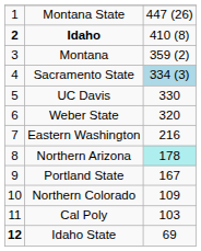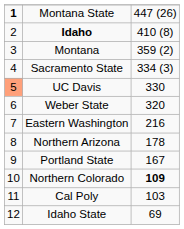 <table class="wikitable" style="display: inline-table;">
 <tr align="center">
 </tr>
 <tr align="center">
-<td>1</td>
+<td><strong>1</strong></td>
 <td>Montana State</td>
 <td>447 (26)</td>
 </tr>
 <tr align="center">
-<td><strong>2</strong></td>
+<td>2</td>
 <td><strong>Idaho</strong></td>
 <td>410 (8)</td>
 </tr>
 <tr align="center">
 <td>3</td>
 <td>Montana</td>
 <td>359 (2)</td>
 </tr>
 <tr align="center">
 <td>4</td>
 <td>Sacramento State</td>
-<td style="background: lightblue;">334 (3)</td>
+<td>334 (3)</td>
 </tr>
 <tr align="center">
-<td>5</td>
+<td style="background: lightsalmon;">5</td>
 <td>UC Davis</td>
 <td>330</td>
 </tr>
 <tr align="center">
 <td>6</td>
 <td>Weber State</td>
 <td>320</td>
 </tr>
 <tr align="center">
 <td>7</td>
 <td>Eastern Washington</td>
 <td>216</td>
 </tr>
 <tr align="center">
 <td>8</td>
 <td>Northern Arizona</td>
-<td style="background: paleturquoise;">178</td>
+<td>178</td>
 </tr>
 <tr align="center">
 <td>9</td>
 <td>Portland State</td>
 <td>167</td>
 </tr>
 <tr align="center">
 <td>10</td>
 <td>Northern Colorado</td>
-<td>109</td>
+<td><strong>109</strong></td>
 </tr>
 <tr align="center">
 <td>11</td>
 <td>Cal Poly</td>
 <td>103</td>
 </tr>
 <tr align="center">
-<td><strong>12</strong></td>
+<td>12</td>
 <td>Idaho State</td>
 <td>69</td>
 </tr>
 </table>
